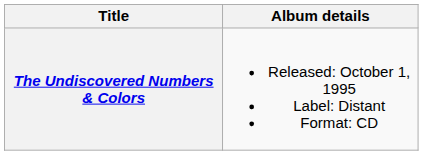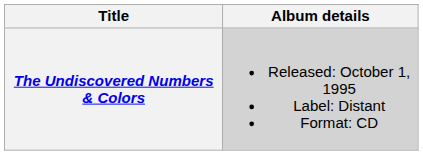 <table class="wikitable plainrowheaders" style="text-align:center">
 <tr>
 <th scope="col" style="width:225px">Title</th>
 <th scope="col" style="width:200px">Album details</th>
 </tr>
 <tr>
 <th scope="row"><em><a href='#'>The Undiscovered Numbers & Colors</a></em></th>
-<td><br><ul><li>Released: October 1, 1995</li><li>Label: Distant</li><li>Format: CD</li></ul></td>
+<td style="background: lightgrey;"><br><ul><li>Released: October 1, 1995</li><li>Label: Distant</li><li>Format: CD</li></ul></td>
 </tr>
 </table>
